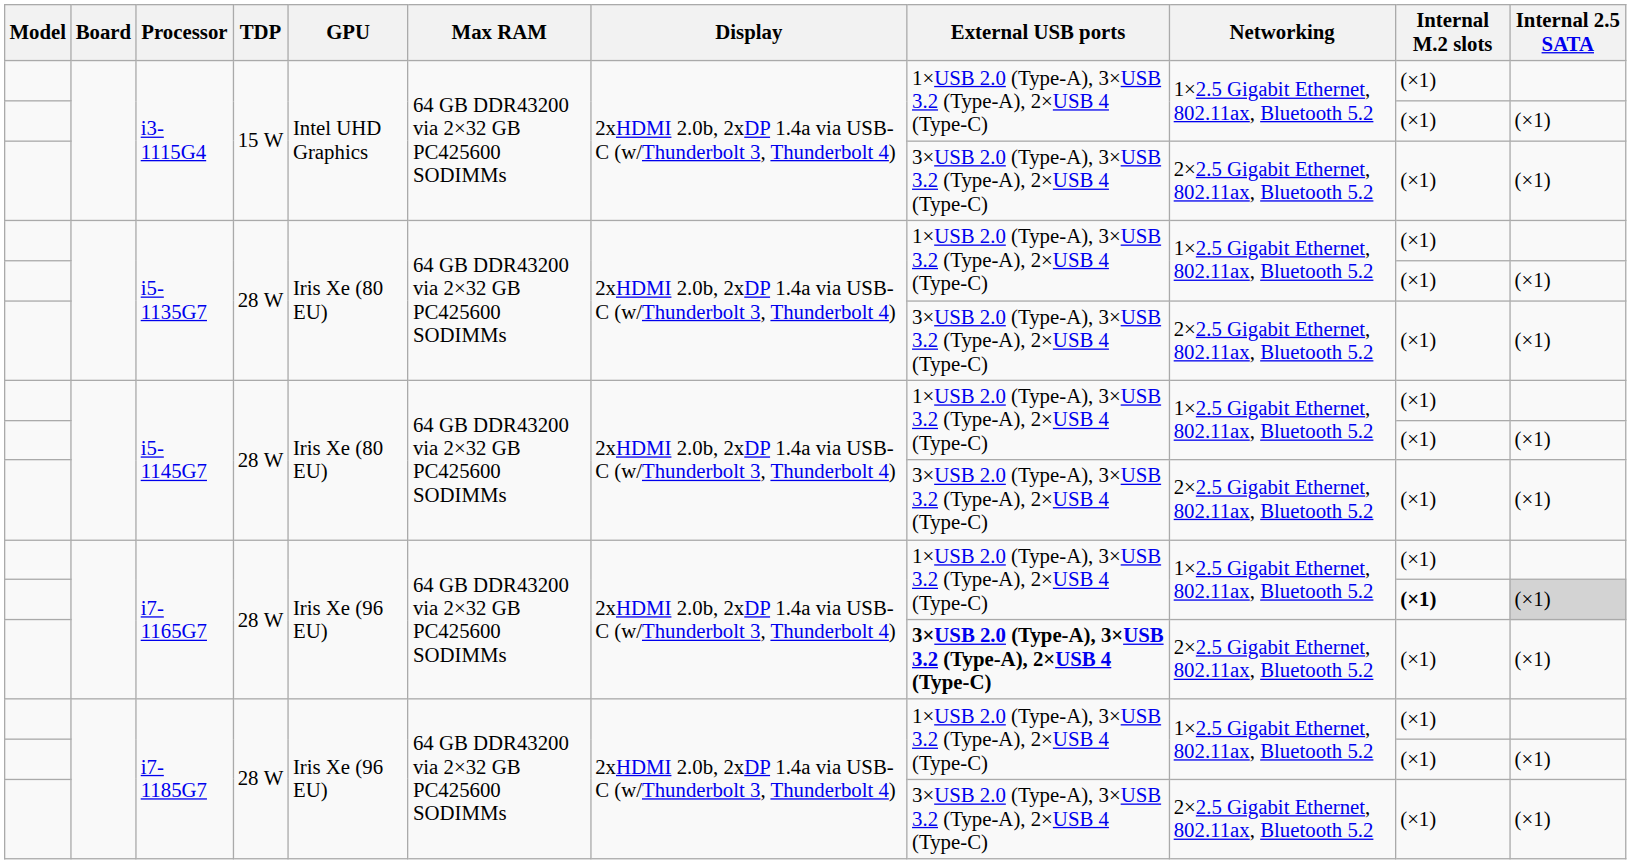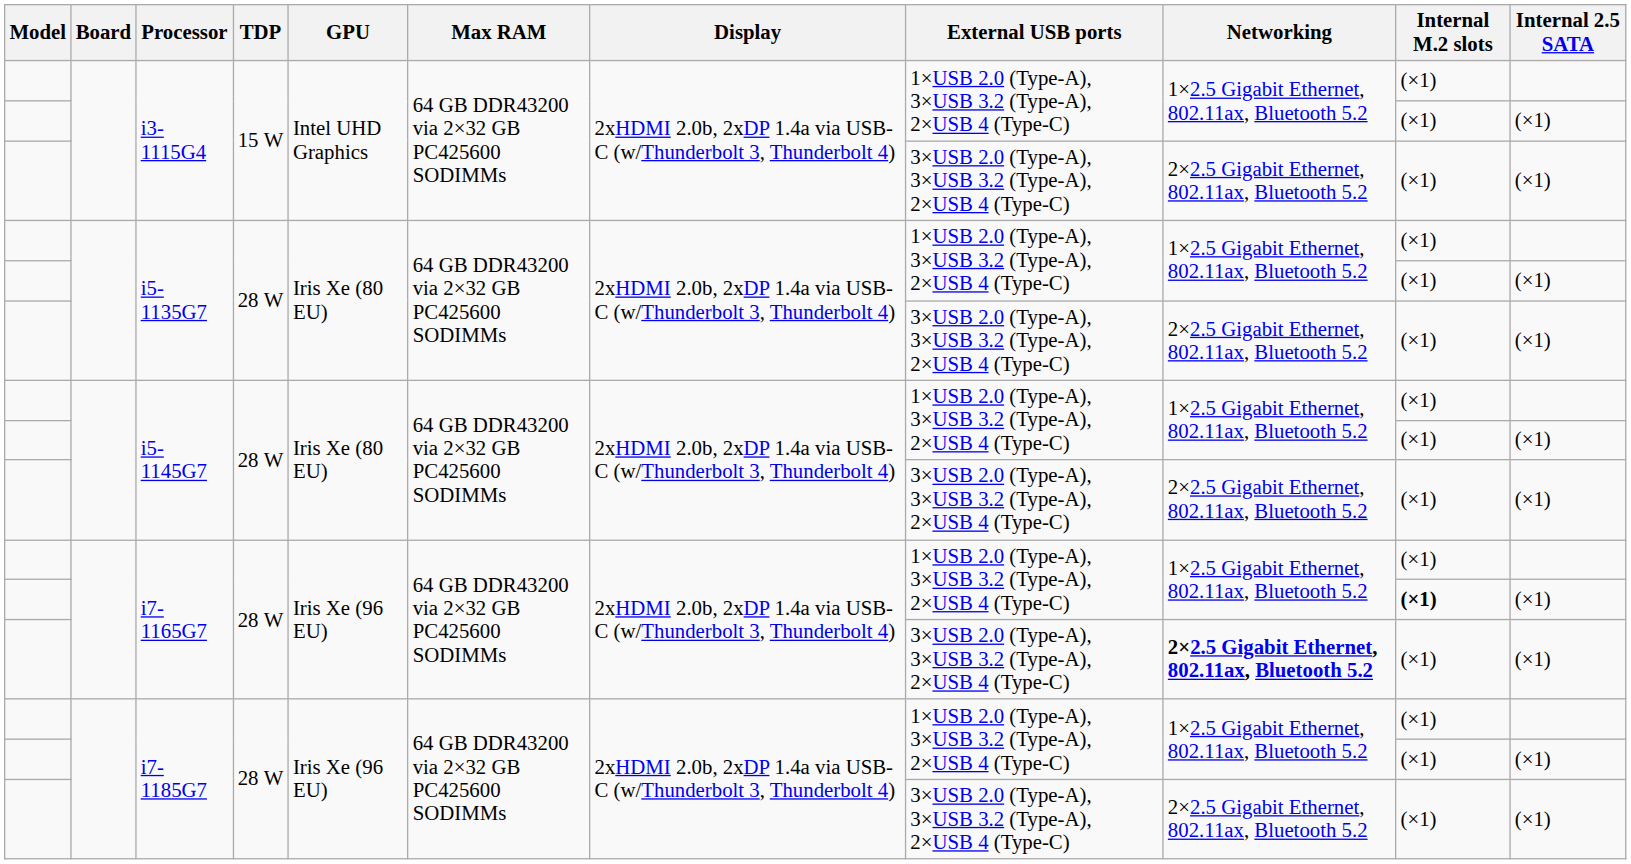 <table class="wikitable">
 <tr>
 <th>Model</th>
 <th>Board</th>
 <th>Processor</th>
 <th>TDP</th>
 <th>GPU</th>
 <th>Max RAM</th>
 <th>Display</th>
 <th>External USB ports</th>
 <th>Networking</th>
 <th>Internal M.2 slots</th>
 <th>Internal 2.5 <a href='#'>SATA</a></th>
 </tr>
 <tr>
 <td></td>
 <td rowspan="3"></td>
 <td rowspan="3"><a href='#'>i3-1115G4</a></td>
 <td rowspan="3">15 W</td>
 <td rowspan="3">Intel UHD Graphics</td>
 <td rowspan="3">64 GB DDR43200<br>via 2×32 GB PC425600 SODIMMs</td>
 <td rowspan="3">2x<a href='#'>HDMI</a> 2.0b, 2x<a href='#'>DP</a> 1.4a via USB-C (w/<a href='#'>Thunderbolt 3</a>, <a href='#'>Thunderbolt 4</a>)</td>
 <td rowspan="2">1×<a href='#'>USB 2.0</a> (Type-A), 3×<a href='#'>USB 3.2</a> (Type-A), 2×<a href='#'>USB 4</a> (Type-C)</td>
 <td rowspan="2">1×<a href='#'>2.5 Gigabit Ethernet</a>, <a href='#'>802.11ax</a>, <a href='#'>Bluetooth 5.2</a></td>
 <td> (×1)</td>
 <td></td>
 </tr>
 <tr>
 <td></td>
 <td> (×1)</td>
 <td> (×1)</td>
 </tr>
 <tr>
 <td></td>
 <td>3×<a href='#'>USB 2.0</a> (Type-A), 3×<a href='#'>USB 3.2</a> (Type-A), 2×<a href='#'>USB 4</a> (Type-C)</td>
 <td>2×<a href='#'>2.5 Gigabit Ethernet</a>, <a href='#'>802.11ax</a>, <a href='#'>Bluetooth 5.2</a></td>
 <td> (×1)</td>
 <td> (×1)</td>
 </tr>
 <tr>
 <td></td>
 <td rowspan="3"></td>
 <td rowspan="3"><a href='#'>i5-1135G7</a></td>
 <td rowspan="3">28 W</td>
 <td rowspan="3">Iris Xe (80 EU)</td>
 <td rowspan="3">64 GB DDR43200<br>via 2×32 GB PC425600 SODIMMs</td>
 <td rowspan="3">2x<a href='#'>HDMI</a> 2.0b, 2x<a href='#'>DP</a> 1.4a via USB-C (w/<a href='#'>Thunderbolt 3</a>, <a href='#'>Thunderbolt 4</a>)</td>
 <td rowspan="2">1×<a href='#'>USB 2.0</a> (Type-A), 3×<a href='#'>USB 3.2</a> (Type-A), 2×<a href='#'>USB 4</a> (Type-C)</td>
 <td rowspan="2">1×<a href='#'>2.5 Gigabit Ethernet</a>, <a href='#'>802.11ax</a>, <a href='#'>Bluetooth 5.2</a></td>
 <td> (×1)</td>
 <td></td>
 </tr>
 <tr>
 <td></td>
 <td> (×1)</td>
 <td> (×1)</td>
 </tr>
 <tr>
 <td></td>
 <td>3×<a href='#'>USB 2.0</a> (Type-A), 3×<a href='#'>USB 3.2</a> (Type-A), 2×<a href='#'>USB 4</a> (Type-C)</td>
 <td>2×<a href='#'>2.5 Gigabit Ethernet</a>, <a href='#'>802.11ax</a>, <a href='#'>Bluetooth 5.2</a></td>
 <td> (×1)</td>
 <td> (×1)</td>
 </tr>
 <tr>
 <td></td>
 <td rowspan="3"></td>
 <td rowspan="3"><a href='#'>i5-1145G7</a></td>
 <td rowspan="3">28 W</td>
 <td rowspan="3">Iris Xe (80 EU)</td>
 <td rowspan="3">64 GB DDR43200<br>via 2×32 GB PC425600 SODIMMs</td>
 <td rowspan="3">2x<a href='#'>HDMI</a> 2.0b, 2x<a href='#'>DP</a> 1.4a via USB-C (w/<a href='#'>Thunderbolt 3</a>, <a href='#'>Thunderbolt 4</a>)</td>
 <td rowspan="2">1×<a href='#'>USB 2.0</a> (Type-A), 3×<a href='#'>USB 3.2</a> (Type-A), 2×<a href='#'>USB 4</a> (Type-C)</td>
 <td rowspan="2">1×<a href='#'>2.5 Gigabit Ethernet</a>, <a href='#'>802.11ax</a>, <a href='#'>Bluetooth 5.2</a></td>
 <td> (×1)</td>
 <td></td>
 </tr>
 <tr>
 <td></td>
 <td> (×1)</td>
 <td> (×1)</td>
 </tr>
 <tr>
 <td></td>
 <td>3×<a href='#'>USB 2.0</a> (Type-A), 3×<a href='#'>USB 3.2</a> (Type-A), 2×<a href='#'>USB 4</a> (Type-C)</td>
 <td>2×<a href='#'>2.5 Gigabit Ethernet</a>, <a href='#'>802.11ax</a>, <a href='#'>Bluetooth 5.2</a></td>
 <td> (×1)</td>
 <td> (×1)</td>
 </tr>
 <tr>
 <td></td>
 <td rowspan="3"></td>
 <td rowspan="3"><a href='#'>i7-1165G7</a></td>
 <td rowspan="3">28 W</td>
 <td rowspan="3">Iris Xe (96 EU)</td>
 <td rowspan="3">64 GB DDR43200<br>via 2×32 GB PC425600 SODIMMs</td>
 <td rowspan="3">2x<a href='#'>HDMI</a> 2.0b, 2x<a href='#'>DP</a> 1.4a via USB-C (w/<a href='#'>Thunderbolt 3</a>, <a href='#'>Thunderbolt 4</a>)</td>
 <td rowspan="2">1×<a href='#'>USB 2.0</a> (Type-A), 3×<a href='#'>USB 3.2</a> (Type-A), 2×<a href='#'>USB 4</a> (Type-C)</td>
 <td rowspan="2">1×<a href='#'>2.5 Gigabit Ethernet</a>, <a href='#'>802.11ax</a>, <a href='#'>Bluetooth 5.2</a></td>
 <td> (×1)</td>
 <td></td>
 </tr>
 <tr>
 <td></td>
 <td><strong> (×1)</strong></td>
-<td style="background: lightgrey;"> (×1)</td>
+<td> (×1)</td>
 </tr>
 <tr>
 <td></td>
-<td><strong>3×<a href='#'>USB 2.0</a> (Type-A), 3×<a href='#'>USB 3.2</a> (Type-A), 2×<a href='#'>USB 4</a> (Type-C)</strong></td>
-<td>2×<a href='#'>2.5 Gigabit Ethernet</a>, <a href='#'>802.11ax</a>, <a href='#'>Bluetooth 5.2</a></td>
+<td>3×<a href='#'>USB 2.0</a> (Type-A), 3×<a href='#'>USB 3.2</a> (Type-A), 2×<a href='#'>USB 4</a> (Type-C)</td>
+<td><strong>2×<a href='#'>2.5 Gigabit Ethernet</a>, <a href='#'>802.11ax</a>, <a href='#'>Bluetooth 5.2</a></strong></td>
 <td> (×1)</td>
 <td> (×1)</td>
 </tr>
 <tr>
 <td></td>
 <td rowspan="3"></td>
 <td rowspan="3"><a href='#'>i7-1185G7</a></td>
 <td rowspan="3">28 W</td>
 <td rowspan="3">Iris Xe (96 EU)</td>
 <td rowspan="3">64 GB DDR43200<br>via 2×32 GB PC425600 SODIMMs</td>
 <td rowspan="3">2x<a href='#'>HDMI</a> 2.0b, 2x<a href='#'>DP</a> 1.4a via USB-C (w/<a href='#'>Thunderbolt 3</a>, <a href='#'>Thunderbolt 4</a>)</td>
 <td rowspan="2">1×<a href='#'>USB 2.0</a> (Type-A), 3×<a href='#'>USB 3.2</a> (Type-A), 2×<a href='#'>USB 4</a> (Type-C)</td>
 <td rowspan="2">1×<a href='#'>2.5 Gigabit Ethernet</a>, <a href='#'>802.11ax</a>, <a href='#'>Bluetooth 5.2</a></td>
 <td> (×1)</td>
 <td></td>
 </tr>
 <tr>
 <td></td>
 <td> (×1)</td>
 <td> (×1)</td>
 </tr>
 <tr>
 <td></td>
 <td>3×<a href='#'>USB 2.0</a> (Type-A), 3×<a href='#'>USB 3.2</a> (Type-A), 2×<a href='#'>USB 4</a> (Type-C)</td>
 <td>2×<a href='#'>2.5 Gigabit Ethernet</a>, <a href='#'>802.11ax</a>, <a href='#'>Bluetooth 5.2</a></td>
 <td> (×1)</td>
 <td> (×1)</td>
 </tr>
 </table>
